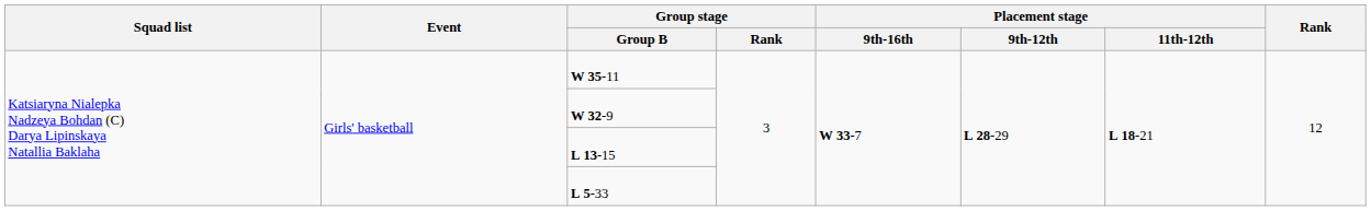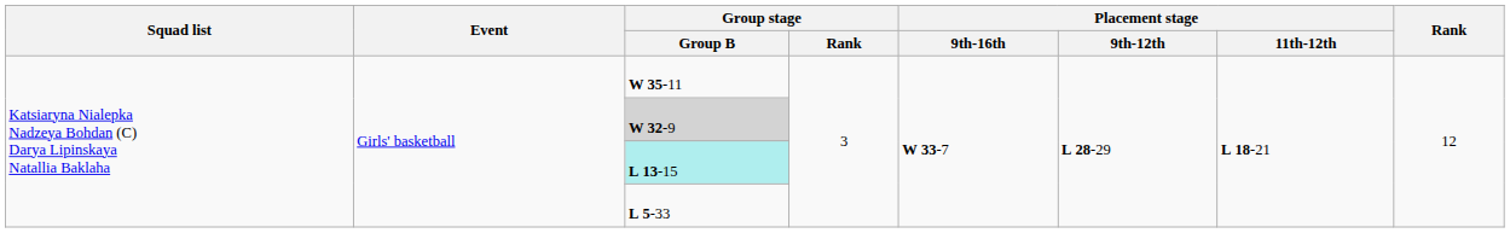 <table class="wikitable" width="90%" style="text-align:left; font-size:90%">
 <tr>
 <th rowspan="2">Squad list</th>
 <th rowspan="2">Event</th>
 <th colspan="2">Group stage</th>
 <th colspan="3">Placement stage</th>
 <th rowspan="2">Rank</th>
 </tr>
 <tr>
 <th>Group B</th>
 <th>Rank</th>
 <th>9th-16th</th>
 <th>9th-12th</th>
 <th>11th-12th</th>
 </tr>
 <tr>
 <td rowspan="4"><a href='#'>Katsiaryna Nialepka</a><br><a href='#'>Nadzeya Bohdan</a> (C)<br><a href='#'>Darya Lipinskaya</a><br><a href='#'>Natallia Baklaha</a></td>
 <td rowspan="4"><a href='#'>Girls' basketball</a></td>
 <td><br> <strong>W</strong> <strong>35</strong>-11</td>
 <td rowspan="4" align=center>3</td>
 <td rowspan="4"> <br> <strong>W</strong> <strong>33</strong>-7</td>
 <td rowspan="4"> <br> <strong>L</strong> <strong>28</strong>-29</td>
 <td rowspan="4"> <br> <strong>L</strong> <strong>18</strong>-21</td>
 <td rowspan="4" align="center">12</td>
 </tr>
 <tr>
-<td><br> <strong>W</strong> <strong>32</strong>-9</td>
+<td style="background: lightgrey;"><br> <strong>W</strong> <strong>32</strong>-9</td>
 </tr>
 <tr>
-<td><br> <strong>L</strong> <strong>13</strong>-15</td>
+<td style="background: paleturquoise;"><br> <strong>L</strong> <strong>13</strong>-15</td>
 </tr>
 <tr>
 <td><br> <strong>L</strong> <strong>5</strong>-33</td>
 </tr>
 </table>
